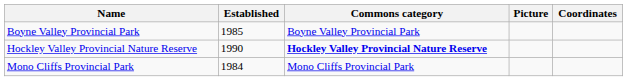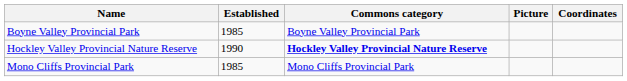 <table class='wikitable sortable' style='width:100%'>
 <tr>
 <th>Name</th>
 <th>Established</th>
 <th>Commons category</th>
 <th>Picture</th>
 <th>Coordinates</th>
 </tr>
 <tr>
 <td><a href='#'>Boyne Valley Provincial Park</a></td>
 <td>1985</td>
 <td><a href='#'>Boyne Valley Provincial Park</a></td>
 <td></td>
 <td></td>
 </tr>
 <tr>
 <td><a href='#'>Hockley Valley Provincial Nature Reserve</a></td>
 <td>1990</td>
 <td><strong><a href='#'>Hockley Valley Provincial Nature Reserve</a></strong></td>
 <td></td>
 <td></td>
 </tr>
 <tr>
 <td><a href='#'>Mono Cliffs Provincial Park</a></td>
-<td>1984</td>
+<td>1985</td>
 <td><a href='#'>Mono Cliffs Provincial Park</a></td>
 <td></td>
 <td></td>
 </tr>
 </table>
